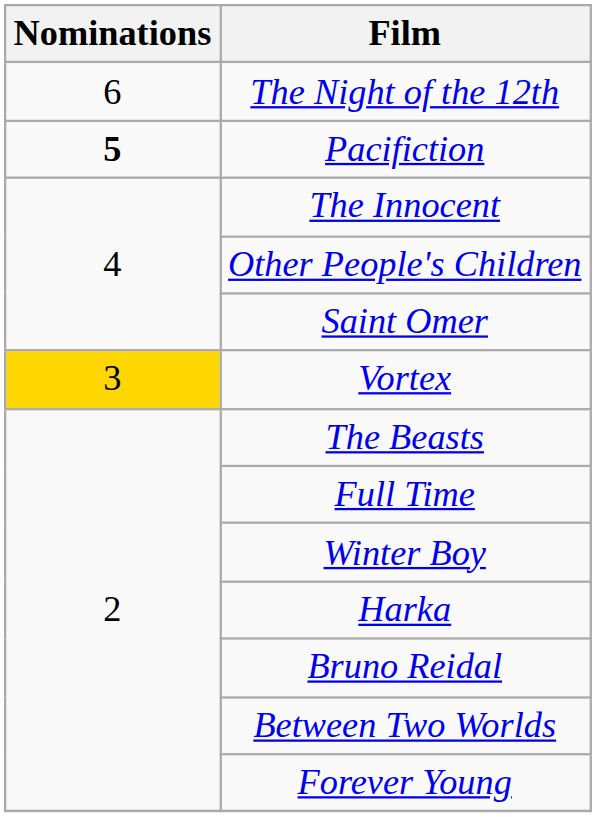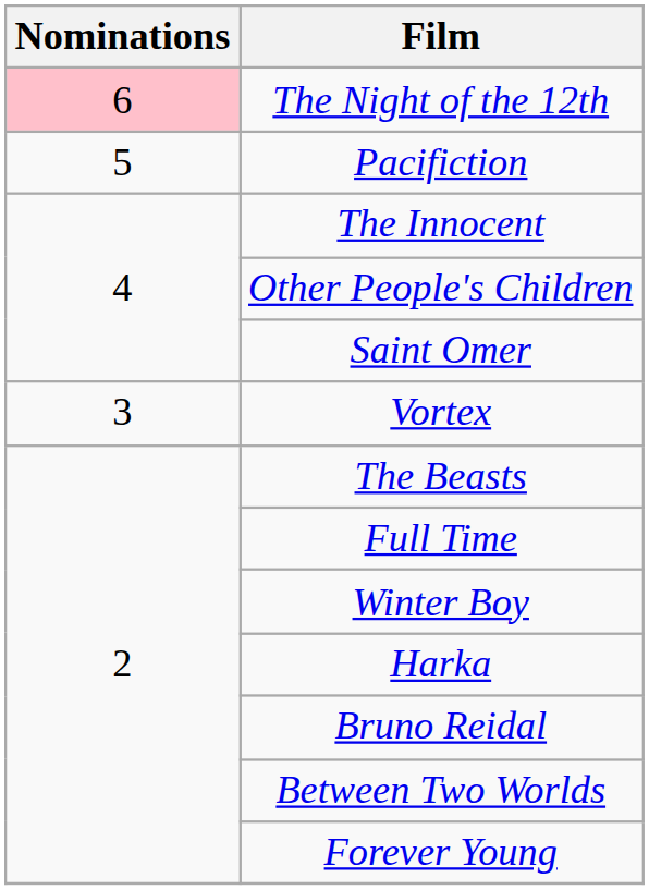 <table class="wikitable plainrowheaders" style="text-align: center;">
 <tr>
 <th scope="col" style="width:55px;">Nominations</th>
 <th scope="col" style="text-align:center;">Film</th>
 </tr>
 <tr>
-<td>6</td>
+<td style="background: pink;">6</td>
 <td><em><a href='#'>The Night of the 12th</a></em></td>
 </tr>
 <tr>
-<td><strong>5</strong></td>
+<td>5</td>
 <td><em><a href='#'>Pacifiction</a></em></td>
 </tr>
 <tr>
 <td rowspan="3">4</td>
 <td><em><a href='#'>The Innocent</a></em></td>
 </tr>
 <tr>
 <td><em><a href='#'>Other People's Children</a></em></td>
 </tr>
 <tr>
 <td><em><a href='#'>Saint Omer</a></em></td>
 </tr>
 <tr>
-<td style="background: gold;">3</td>
+<td>3</td>
 <td><em><a href='#'>Vortex</a></em></td>
 </tr>
 <tr>
 <td rowspan="7">2</td>
 <td><em><a href='#'>The Beasts</a></em></td>
 </tr>
 <tr>
 <td><em><a href='#'>Full Time</a></em></td>
 </tr>
 <tr>
 <td><em><a href='#'>Winter Boy</a></em></td>
 </tr>
 <tr>
 <td><em><a href='#'>Harka</a></em></td>
 </tr>
 <tr>
 <td><em><a href='#'>Bruno Reidal</a></em></td>
 </tr>
 <tr>
 <td><em><a href='#'>Between Two Worlds</a></em></td>
 </tr>
 <tr>
 <td><em><a href='#'>Forever Young</a></em></td>
 </tr>
 <tr>
 </tr>
 </table>
